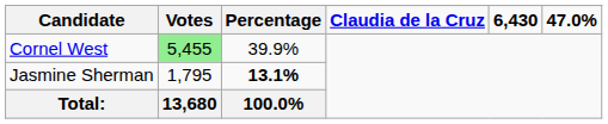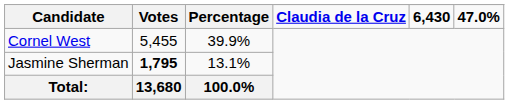 <table class="wikitable sortable tpl-blanktable" style="font-size:90%;text-align:center;">
 <tr>
 <th rowspan="2">Candidate</th>
 <th rowspan="2">Votes</th>
 <th rowspan="2">Percentage</th>
 </tr>
 <tr>
 <td style="text-align:left;"><strong><a href='#'>Claudia de la Cruz</a></strong></td>
 <td><strong>6,430</strong></td>
 <td><strong>47.0%</strong></td>
 </tr>
 <tr>
 <td style="text-align:left;"><a href='#'>Cornel West</a></td>
-<td style="background: lightgreen;">5,455</td>
+<td>5,455</td>
 <td>39.9%</td>
 </tr>
 <tr>
 <td style="text-align:left;">Jasmine Sherman</td>
-<td>1,795</td>
-<td><strong>13.1%</strong></td>
+<td><strong>1,795</strong></td>
+<td>13.1%</td>
 </tr>
 <tr style="background:#eee;">
 <th>Total:</th>
 <th>13,680</th>
 <th>100.0%</th>
 </tr>
 </table>
